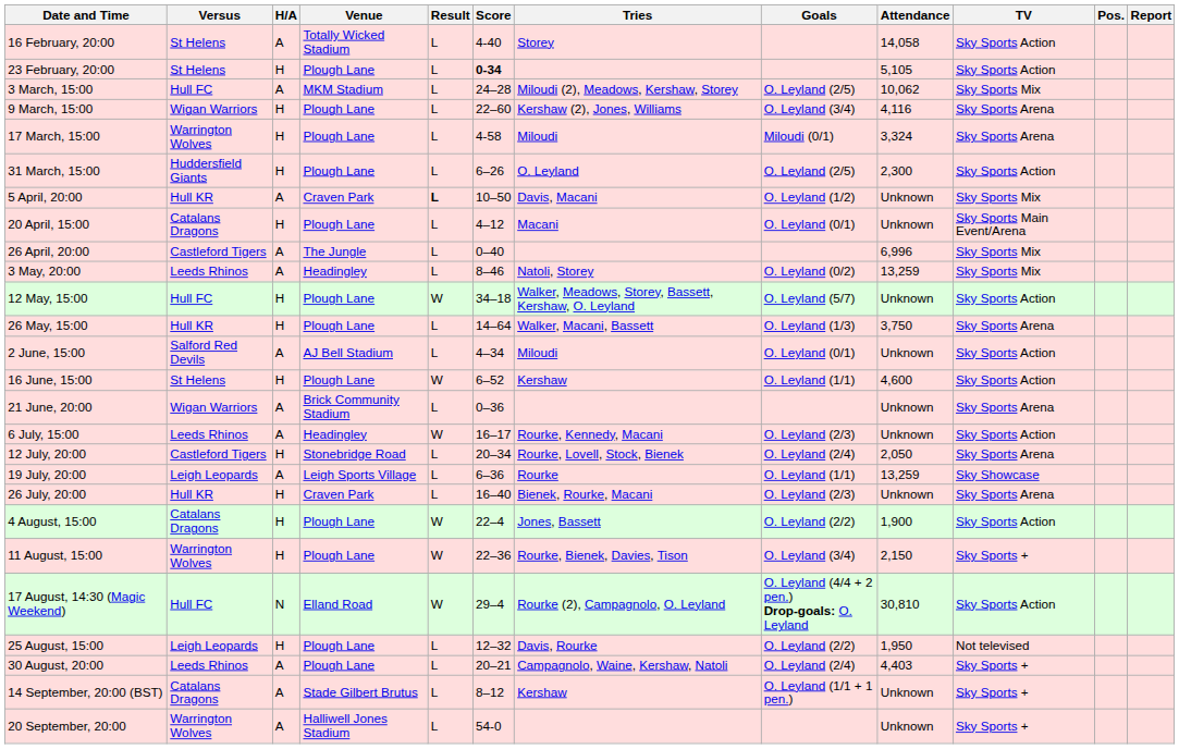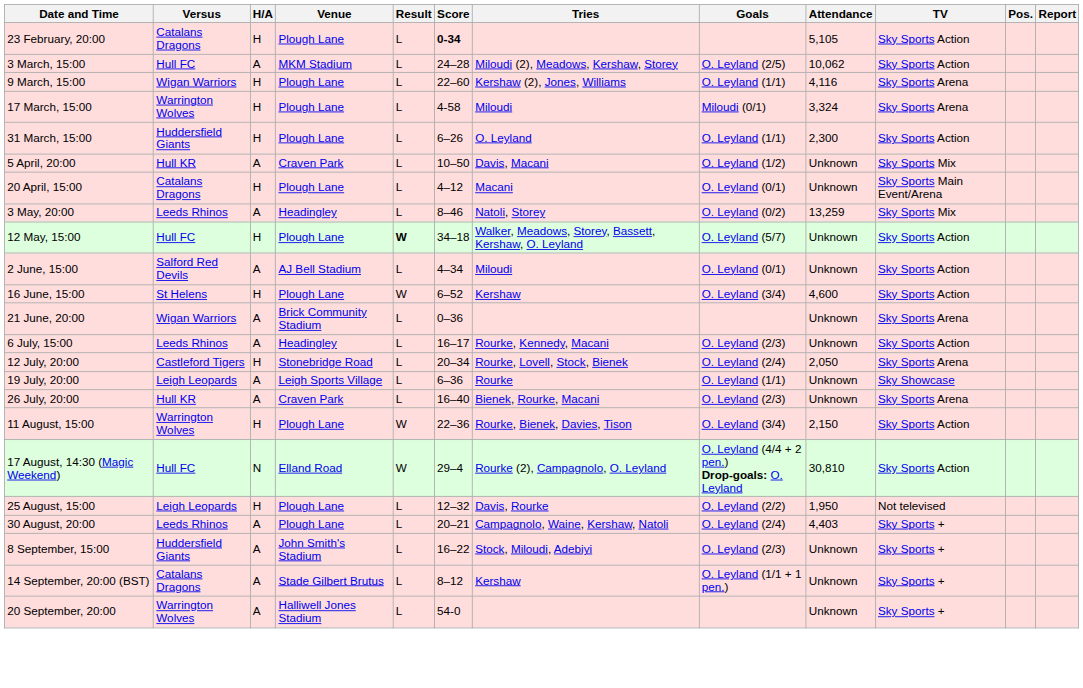 <table class="wikitable" style="font-size:85%;">
 <tr>
 <th>Date and Time</th>
 <th>Versus</th>
 <th>H/A</th>
 <th>Venue</th>
 <th>Result</th>
 <th>Score</th>
 <th>Tries</th>
 <th>Goals</th>
 <th>Attendance</th>
 <th>TV</th>
 <th>Pos.</th>
 <th>Report</th>
 </tr>
 <tr style="background:#ffdddd">
-<td>16 February, 20:00</td>
-<td> <a href='#'>St Helens</a></td>
-<td>A</td>
-<td><a href='#'>Totally Wicked Stadium</a></td>
-<td>L</td>
-<td>4-40</td>
-<td><a href='#'>Storey</a></td>
-<td></td>
-<td>14,058</td>
-<td><a href='#'>Sky Sports</a> Action</td>
-<td></td>
-<td></td>
-</tr>
-<tr style="background:#ffdddd">
 <td>23 February, 20:00</td>
-<td> <a href='#'>St Helens</a></td>
+<td> <a href='#'>Catalans Dragons</a></td>
 <td>H</td>
 <td><a href='#'>Plough Lane</a></td>
 <td>L</td>
 <td><strong>0-34</strong></td>
 <td></td>
 <td></td>
 <td>5,105</td>
 <td><a href='#'>Sky Sports</a> Action</td>
 <td></td>
 <td></td>
 </tr>
 <tr style="background:#ffdddd">
 <td>3 March, 15:00</td>
 <td> <a href='#'>Hull FC</a></td>
 <td>A</td>
 <td><a href='#'>MKM Stadium</a></td>
 <td>L</td>
 <td>24–28</td>
 <td><a href='#'>Miloudi</a> (2), <a href='#'>Meadows</a>, <a href='#'>Kershaw</a>, <a href='#'>Storey</a></td>
 <td><a href='#'>O. Leyland</a> (2/5)</td>
 <td>10,062</td>
-<td><a href='#'>Sky Sports</a> Mix</td>
+<td><a href='#'>Sky Sports</a> Action</td>
 <td></td>
 <td></td>
 </tr>
 <tr style="background:#ffdddd">
 <td>9 March, 15:00</td>
 <td> <a href='#'>Wigan Warriors</a></td>
 <td>H</td>
 <td><a href='#'>Plough Lane</a></td>
 <td>L</td>
 <td>22–60</td>
 <td><a href='#'>Kershaw</a> (2), <a href='#'>Jones</a>, <a href='#'>Williams</a></td>
-<td><a href='#'>O. Leyland</a> (3/4)</td>
+<td><a href='#'>O. Leyland</a> (1/1)</td>
 <td>4,116</td>
 <td><a href='#'>Sky Sports</a> Arena</td>
 <td></td>
 <td></td>
 </tr>
 <tr style="background:#ffdddd">
 <td>17 March, 15:00</td>
 <td> <a href='#'>Warrington Wolves</a></td>
 <td>H</td>
 <td><a href='#'>Plough Lane</a></td>
 <td>L</td>
 <td>4-58</td>
 <td><a href='#'>Miloudi</a></td>
 <td><a href='#'>Miloudi</a> (0/1)</td>
 <td>3,324</td>
 <td><a href='#'>Sky Sports</a> Arena</td>
 <td></td>
 <td></td>
 </tr>
 <tr style="background:#ffdddd">
 <td>31 March, 15:00</td>
 <td> <a href='#'>Huddersfield Giants</a></td>
 <td>H</td>
 <td><a href='#'>Plough Lane</a></td>
 <td>L</td>
 <td>6–26</td>
 <td><a href='#'>O. Leyland</a></td>
-<td><a href='#'>O. Leyland</a> (2/5)</td>
+<td><a href='#'>O. Leyland</a> (1/1)</td>
 <td>2,300</td>
 <td><a href='#'>Sky Sports</a> Action</td>
 <td></td>
 <td></td>
 </tr>
 <tr style="background:#ffdddd">
 <td>5 April, 20:00</td>
 <td> <a href='#'>Hull KR</a></td>
 <td>A</td>
 <td><a href='#'>Craven Park</a></td>
-<td><strong>L</strong></td>
+<td>L</td>
 <td>10–50</td>
 <td><a href='#'>Davis</a>, <a href='#'>Macani</a></td>
 <td><a href='#'>O. Leyland</a> (1/2)</td>
 <td>Unknown</td>
 <td><a href='#'>Sky Sports</a> Mix</td>
 <td></td>
 <td></td>
 </tr>
 <tr style="background:#ffdddd">
 <td>20 April, 15:00</td>
 <td> <a href='#'>Catalans Dragons</a></td>
 <td>H</td>
 <td><a href='#'>Plough Lane</a></td>
 <td>L</td>
 <td>4–12</td>
 <td><a href='#'>Macani</a></td>
 <td><a href='#'>O. Leyland</a> (0/1)</td>
 <td>Unknown</td>
 <td><a href='#'>Sky Sports</a> Main Event/Arena</td>
 <td></td>
 <td></td>
 </tr>
 <tr style="background:#ffdddd">
-<td>26 April, 20:00</td>
-<td> <a href='#'>Castleford Tigers</a></td>
-<td>A</td>
-<td><a href='#'>The Jungle</a></td>
-<td>L</td>
-<td>0–40</td>
-<td></td>
-<td></td>
-<td>6,996</td>
-<td><a href='#'>Sky Sports</a> Mix</td>
-<td></td>
-<td></td>
-</tr>
-<tr style="background:#ffdddd">
 <td>3 May, 20:00</td>
 <td> <a href='#'>Leeds Rhinos</a></td>
 <td>A</td>
 <td><a href='#'>Headingley</a></td>
 <td>L</td>
 <td>8–46</td>
 <td><a href='#'>Natoli</a>, <a href='#'>Storey</a></td>
 <td><a href='#'>O. Leyland</a> (0/2)</td>
 <td>13,259</td>
 <td><a href='#'>Sky Sports</a> Mix</td>
 <td></td>
 <td></td>
 </tr>
 <tr style="background:#ddffdd">
 <td>12 May, 15:00</td>
 <td> <a href='#'>Hull FC</a></td>
 <td>H</td>
 <td><a href='#'>Plough Lane</a></td>
-<td>W</td>
+<td><strong>W</strong></td>
 <td>34–18</td>
 <td><a href='#'>Walker</a>, <a href='#'>Meadows</a>, <a href='#'>Storey</a>, <a href='#'>Bassett</a>, <a href='#'>Kershaw</a>, <a href='#'>O. Leyland</a></td>
 <td><a href='#'>O. Leyland</a> (5/7)</td>
 <td>Unknown</td>
 <td><a href='#'>Sky Sports</a> Action</td>
-<td></td>
-<td></td>
-</tr>
-<tr style="background:#ffdddd">
-<td>26 May, 15:00</td>
-<td> <a href='#'>Hull KR</a></td>
-<td>H</td>
-<td><a href='#'>Plough Lane</a></td>
-<td>L</td>
-<td>14–64</td>
-<td><a href='#'>Walker</a>, <a href='#'>Macani</a>, <a href='#'>Bassett</a></td>
-<td><a href='#'>O. Leyland</a> (1/3)</td>
-<td>3,750</td>
-<td><a href='#'>Sky Sports</a> Arena</td>
 <td></td>
 <td></td>
 </tr>
 <tr style="background:#ffdddd">
 <td>2 June, 15:00</td>
 <td> <a href='#'>Salford Red Devils</a></td>
 <td>A</td>
 <td><a href='#'>AJ Bell Stadium</a></td>
 <td>L</td>
 <td>4–34</td>
 <td><a href='#'>Miloudi</a></td>
 <td><a href='#'>O. Leyland</a> (0/1)</td>
 <td>Unknown</td>
 <td><a href='#'>Sky Sports</a> Action</td>
 <td></td>
 <td></td>
 </tr>
 <tr style="background:#ffdddd">
 <td>16 June, 15:00</td>
 <td> <a href='#'>St Helens</a></td>
 <td>H</td>
 <td><a href='#'>Plough Lane</a></td>
 <td>W</td>
 <td>6–52</td>
 <td><a href='#'>Kershaw</a></td>
-<td><a href='#'>O. Leyland</a> (1/1)</td>
+<td><a href='#'>O. Leyland</a> (3/4)</td>
 <td>4,600</td>
 <td><a href='#'>Sky Sports</a> Action</td>
 <td></td>
 <td></td>
 </tr>
 <tr style="background:#ffdddd">
 <td>21 June, 20:00</td>
 <td> <a href='#'>Wigan Warriors</a></td>
 <td>A</td>
 <td><a href='#'>Brick Community Stadium</a></td>
 <td>L</td>
 <td>0–36</td>
 <td></td>
 <td></td>
 <td>Unknown</td>
 <td><a href='#'>Sky Sports</a> Arena</td>
 <td></td>
 <td></td>
 </tr>
 <tr style="background:#ffdddd">
 <td>6 July, 15:00</td>
 <td> <a href='#'>Leeds Rhinos</a></td>
 <td>A</td>
 <td><a href='#'>Headingley</a></td>
-<td>W</td>
+<td>L</td>
 <td>16–17 </td>
 <td><a href='#'>Rourke</a>, <a href='#'>Kennedy</a>, <a href='#'>Macani</a></td>
 <td><a href='#'>O. Leyland</a> (2/3)</td>
 <td>Unknown</td>
 <td><a href='#'>Sky Sports</a> Action</td>
 <td></td>
 <td></td>
 </tr>
 <tr style="background:#ffdddd">
 <td>12 July, 20:00</td>
 <td> <a href='#'>Castleford Tigers</a></td>
 <td>H</td>
 <td><a href='#'>Stonebridge Road</a></td>
 <td>L</td>
 <td>20–34</td>
 <td><a href='#'>Rourke</a>, <a href='#'>Lovell</a>, <a href='#'>Stock</a>, <a href='#'>Bienek</a></td>
 <td><a href='#'>O. Leyland</a> (2/4)</td>
 <td>2,050</td>
 <td><a href='#'>Sky Sports</a> Arena</td>
 <td></td>
 <td></td>
 </tr>
 <tr style="background:#ffdddd">
 <td>19 July, 20:00</td>
 <td> <a href='#'>Leigh Leopards</a></td>
 <td>A</td>
 <td><a href='#'>Leigh Sports Village</a></td>
 <td>L</td>
 <td>6–36</td>
 <td><a href='#'>Rourke</a></td>
 <td><a href='#'>O. Leyland</a> (1/1)</td>
-<td>13,259</td>
+<td>Unknown</td>
 <td><a href='#'>Sky Showcase</a></td>
 <td></td>
 <td></td>
 </tr>
 <tr style="background:#ffdddd">
 <td>26 July, 20:00</td>
 <td> <a href='#'>Hull KR</a></td>
-<td>H</td>
+<td>A</td>
 <td><a href='#'>Craven Park</a></td>
 <td>L</td>
 <td>16–40</td>
 <td><a href='#'>Bienek</a>, <a href='#'>Rourke</a>, <a href='#'>Macani</a></td>
 <td><a href='#'>O. Leyland</a> (2/3)</td>
 <td>Unknown</td>
 <td><a href='#'>Sky Sports</a> Arena</td>
-<td></td>
-<td></td>
-</tr>
-<tr style="background:#ddffdd">
-<td>4 August, 15:00</td>
-<td> <a href='#'>Catalans Dragons</a></td>
-<td>H</td>
-<td><a href='#'>Plough Lane</a></td>
-<td>W</td>
-<td>22–4</td>
-<td><a href='#'>Jones</a>, <a href='#'>Bassett</a></td>
-<td><a href='#'>O. Leyland</a> (2/2)</td>
-<td>1,900</td>
-<td><a href='#'>Sky Sports</a> Action</td>
 <td></td>
 <td></td>
 </tr>
 <tr style="background:#ffdddd">
 <td>11 August, 15:00</td>
 <td> <a href='#'>Warrington Wolves</a></td>
 <td>H</td>
 <td><a href='#'>Plough Lane</a></td>
 <td>W</td>
 <td>22–36</td>
 <td><a href='#'>Rourke</a>, <a href='#'>Bienek</a>, <a href='#'>Davies</a>, <a href='#'>Tison</a></td>
 <td><a href='#'>O. Leyland</a> (3/4)</td>
 <td>2,150</td>
-<td><a href='#'>Sky Sports</a> +</td>
+<td><a href='#'>Sky Sports</a> Action</td>
 <td></td>
 <td></td>
 </tr>
 <tr style="background:#ddffdd">
 <td>17 August, 14:30 (<a href='#'>Magic Weekend</a>)</td>
 <td> <a href='#'>Hull FC</a></td>
 <td>N</td>
 <td><a href='#'>Elland Road</a></td>
 <td>W</td>
 <td>29–4</td>
 <td><a href='#'>Rourke</a> (2), <a href='#'>Campagnolo</a>, <a href='#'>O. Leyland</a></td>
 <td><a href='#'>O. Leyland</a> (4/4 + 2 <a href='#'>pen.</a>)<br><strong>Drop-goals:</strong> <a href='#'>O. Leyland</a></td>
 <td>30,810</td>
 <td><a href='#'>Sky Sports</a> Action</td>
 <td></td>
 <td></td>
 </tr>
 <tr style="background:#ffdddd">
 <td>25 August, 15:00</td>
 <td> <a href='#'>Leigh Leopards</a></td>
 <td>H</td>
 <td><a href='#'>Plough Lane</a></td>
 <td>L</td>
 <td>12–32</td>
 <td><a href='#'>Davis</a>, <a href='#'>Rourke</a></td>
 <td><a href='#'>O. Leyland</a> (2/2)</td>
 <td>1,950</td>
 <td>Not televised</td>
 <td></td>
 <td></td>
 </tr>
 <tr style="background:#ffdddd">
 <td>30 August, 20:00</td>
 <td> <a href='#'>Leeds Rhinos</a></td>
 <td>A</td>
 <td><a href='#'>Plough Lane</a></td>
 <td>L</td>
 <td>20–21 </td>
 <td><a href='#'>Campagnolo</a>, <a href='#'>Waine</a>, <a href='#'>Kershaw</a>, <a href='#'>Natoli</a></td>
 <td><a href='#'>O. Leyland</a> (2/4)</td>
 <td>4,403</td>
 <td><a href='#'>Sky Sports</a> +</td>
 <td></td>
 <td></td>
 </tr>
 <tr style="background:#ffdddd">
+<td>8 September, 15:00</td>
+<td> <a href='#'>Huddersfield Giants</a></td>
+<td>A</td>
+<td><a href='#'>John Smith's Stadium</a></td>
+<td>L</td>
+<td>16–22</td>
+<td><a href='#'>Stock</a>, <a href='#'>Miloudi</a>, <a href='#'>Adebiyi</a></td>
+<td><a href='#'>O. Leyland</a> (2/3)</td>
+<td>Unknown</td>
+<td><a href='#'>Sky Sports</a> +</td>
+<td></td>
+<td></td>
+</tr>
+<tr style="background:#ffdddd">
 <td>14 September, 20:00 (BST)</td>
 <td> <a href='#'>Catalans Dragons</a></td>
 <td>A</td>
 <td><a href='#'>Stade Gilbert Brutus</a></td>
 <td>L</td>
 <td>8–12</td>
 <td><a href='#'>Kershaw</a></td>
 <td><a href='#'>O. Leyland</a> (1/1 + 1 <a href='#'>pen.</a>)</td>
 <td>Unknown</td>
 <td><a href='#'>Sky Sports</a> +</td>
 <td></td>
 <td></td>
 </tr>
 <tr style="background:#ffdddd">
 <td>20 September, 20:00</td>
 <td> <a href='#'>Warrington Wolves</a></td>
 <td>A</td>
 <td><a href='#'>Halliwell Jones Stadium</a></td>
 <td>L</td>
 <td>54-0</td>
 <td></td>
 <td></td>
 <td>Unknown</td>
 <td><a href='#'>Sky Sports</a> +</td>
 <td></td>
 <td></td>
 </tr>
 </table>
